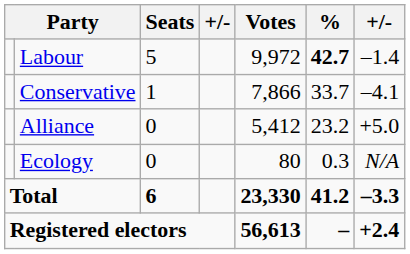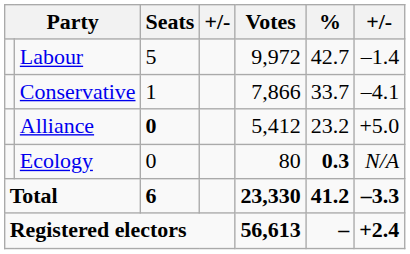 <table class="wikitable sortable">
 <tr>
 <th colspan="2">Party</th>
 <th>Seats</th>
 <th>+/-</th>
 <th>Votes</th>
 <th>%</th>
 <th>+/-</th>
 </tr>
 <tr>
 <td style="background-color: "></td>
 <td><a href='#'>Labour</a></td>
 <td>5</td>
 <td></td>
 <td style="text-align:right;">9,972</td>
-<td style="text-align:right;"><strong>42.7</strong></td>
+<td style="text-align:right;">42.7</td>
 <td style="text-align:right;">–1.4</td>
 </tr>
 <tr>
 <td style="background-color: "></td>
 <td><a href='#'>Conservative</a></td>
 <td>1</td>
 <td></td>
 <td style="text-align:right;">7,866</td>
 <td style="text-align:right;">33.7</td>
 <td style="text-align:right;">–4.1</td>
 </tr>
 <tr>
 <td style="background-color: "></td>
 <td><a href='#'>Alliance</a></td>
-<td>0</td>
+<td><strong>0</strong></td>
 <td></td>
 <td style="text-align:right;">5,412</td>
 <td style="text-align:right;">23.2</td>
 <td style="text-align:right;">+5.0</td>
 </tr>
 <tr>
 <td style="background-color: "></td>
 <td><a href='#'>Ecology</a></td>
 <td>0</td>
 <td></td>
 <td style="text-align:right;">80</td>
-<td style="text-align:right;">0.3</td>
+<td style="text-align:right;"><strong>0.3</strong></td>
 <td style="text-align:right;"><em>N/A</em></td>
 </tr>
 <tr>
 <td colspan="2"><strong>Total</strong></td>
 <td><strong>6</strong></td>
 <td></td>
 <td style="text-align:right;"><strong>23,330</strong></td>
 <td style="text-align:right;"><strong>41.2</strong></td>
 <td style="text-align:right;"><strong>–3.3</strong></td>
 </tr>
 <tr>
 <td colspan="4"><strong>Registered electors</strong></td>
 <td style="text-align:right;"><strong>56,613</strong></td>
 <td style="text-align:right;"><strong>–</strong></td>
 <td style="text-align:right;"><strong>+2.4</strong></td>
 </tr>
 </table>
